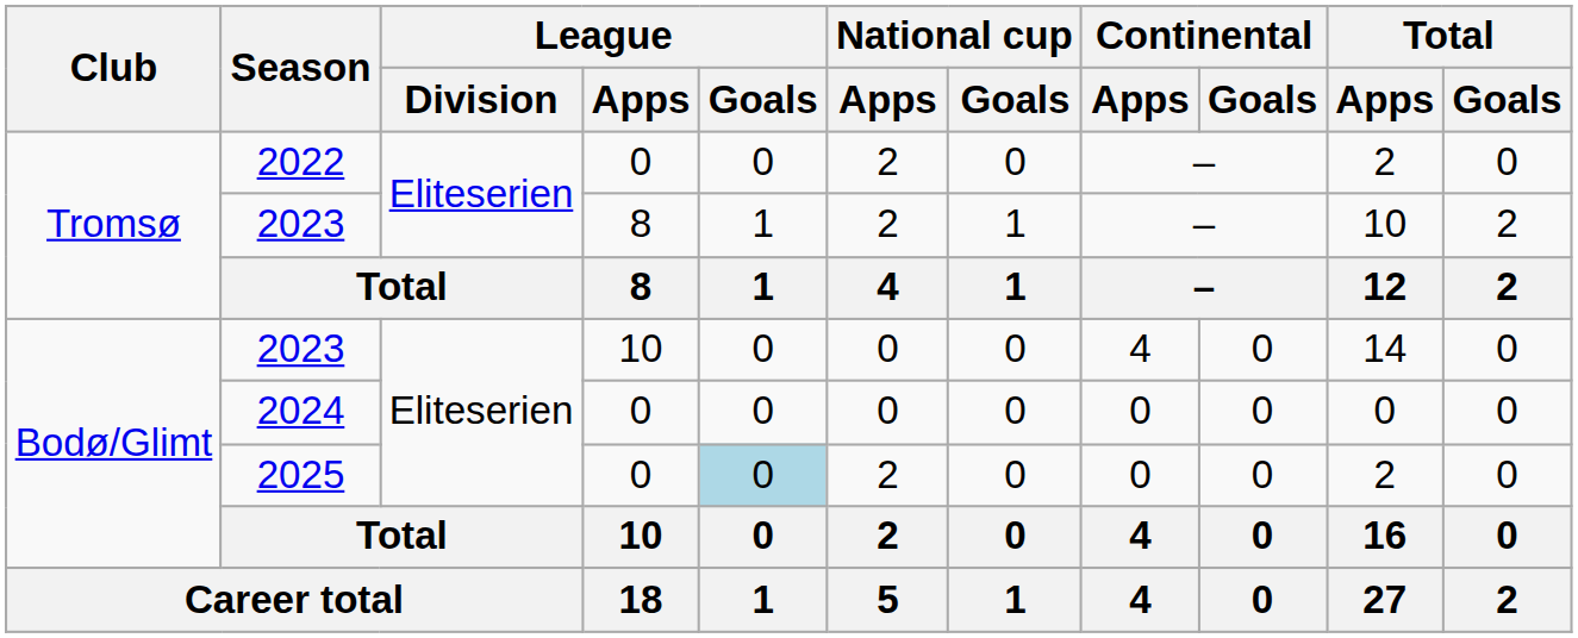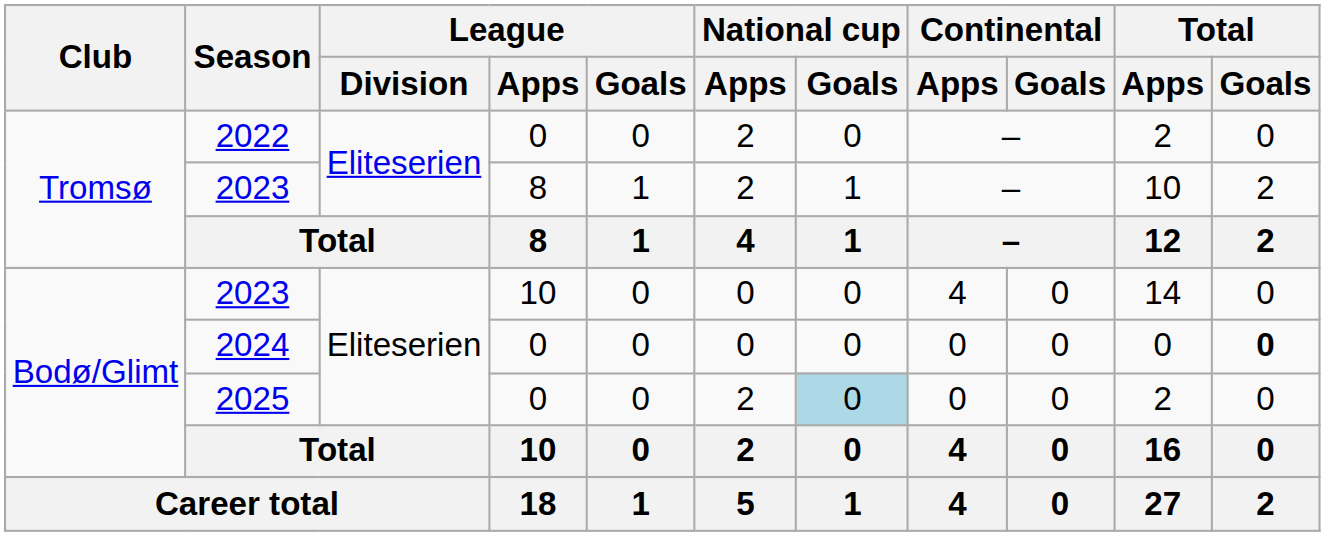 <table class="wikitable" style="text-align:center">
 <tr>
 <th rowspan="2">Club</th>
 <th rowspan="2">Season</th>
 <th colspan="3">League</th>
 <th colspan="2">National cup</th>
 <th colspan="2">Continental</th>
 <th colspan="2">Total</th>
 </tr>
 <tr>
 <th>Division</th>
 <th>Apps</th>
 <th>Goals</th>
 <th>Apps</th>
 <th>Goals</th>
 <th>Apps</th>
 <th>Goals</th>
 <th>Apps</th>
 <th>Goals</th>
 </tr>
 <tr>
 <td rowspan="3"><a href='#'>Tromsø</a></td>
 <td><a href='#'>2022</a></td>
 <td rowspan="2"><a href='#'>Eliteserien</a></td>
 <td>0</td>
 <td>0</td>
 <td>2</td>
 <td>0</td>
 <td colspan="2">–</td>
 <td>2</td>
 <td>0</td>
 </tr>
 <tr>
 <td><a href='#'>2023</a></td>
 <td>8</td>
 <td>1</td>
 <td>2</td>
 <td>1</td>
 <td colspan="2">–</td>
 <td>10</td>
 <td>2</td>
 </tr>
 <tr>
 <th colspan="2">Total</th>
 <th>8</th>
 <th>1</th>
 <th>4</th>
 <th>1</th>
 <th colspan="2">–</th>
 <th>12</th>
 <th>2</th>
 </tr>
 <tr>
 <td rowspan="4"><a href='#'>Bodø/Glimt</a></td>
 <td><a href='#'>2023</a></td>
 <td rowspan="3">Eliteserien</td>
 <td>10</td>
 <td>0</td>
 <td>0</td>
 <td>0</td>
 <td>4</td>
 <td>0</td>
 <td>14</td>
 <td>0</td>
 </tr>
 <tr>
 <td><a href='#'>2024</a></td>
 <td>0</td>
 <td>0</td>
 <td>0</td>
 <td>0</td>
 <td>0</td>
 <td>0</td>
 <td>0</td>
-<td>0</td>
+<td><strong>0</strong></td>
 </tr>
 <tr>
 <td><a href='#'>2025</a></td>
 <td>0</td>
+<td>0</td>
+<td>2</td>
 <td style="background: lightblue;">0</td>
-<td>2</td>
-<td>0</td>
 <td>0</td>
 <td>0</td>
 <td>2</td>
 <td>0</td>
 </tr>
 <tr>
 <th colspan="2">Total</th>
 <th>10</th>
 <th>0</th>
 <th>2</th>
 <th>0</th>
 <th>4</th>
 <th>0</th>
 <th>16</th>
 <th>0</th>
 </tr>
 <tr>
 <th colspan="3">Career total</th>
 <th>18</th>
 <th>1</th>
 <th>5</th>
 <th>1</th>
 <th>4</th>
 <th>0</th>
 <th>27</th>
 <th>2</th>
 </tr>
 </table>
